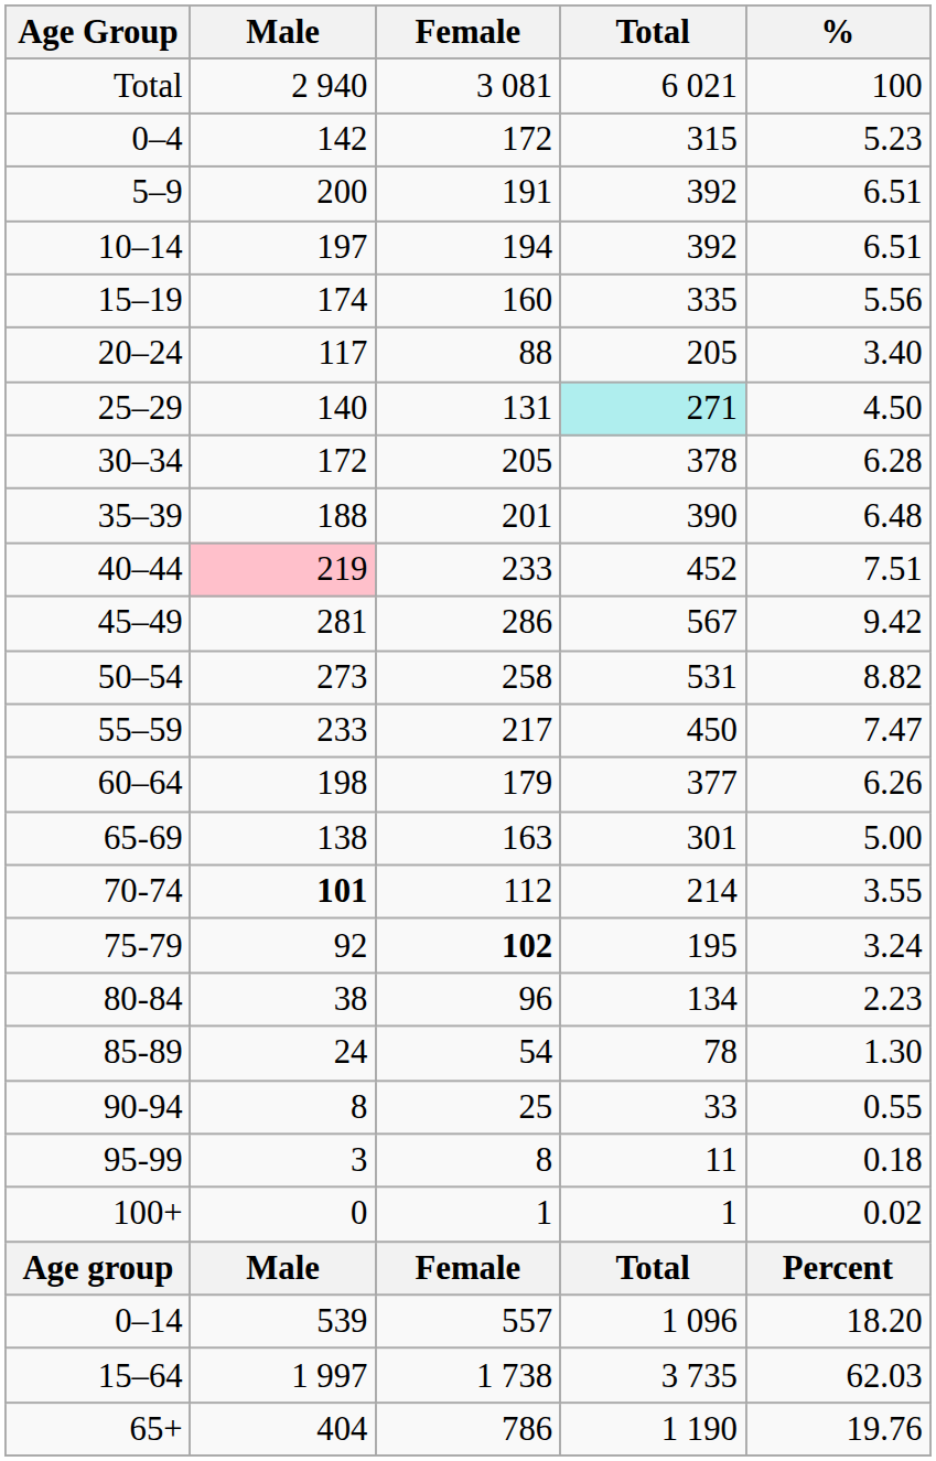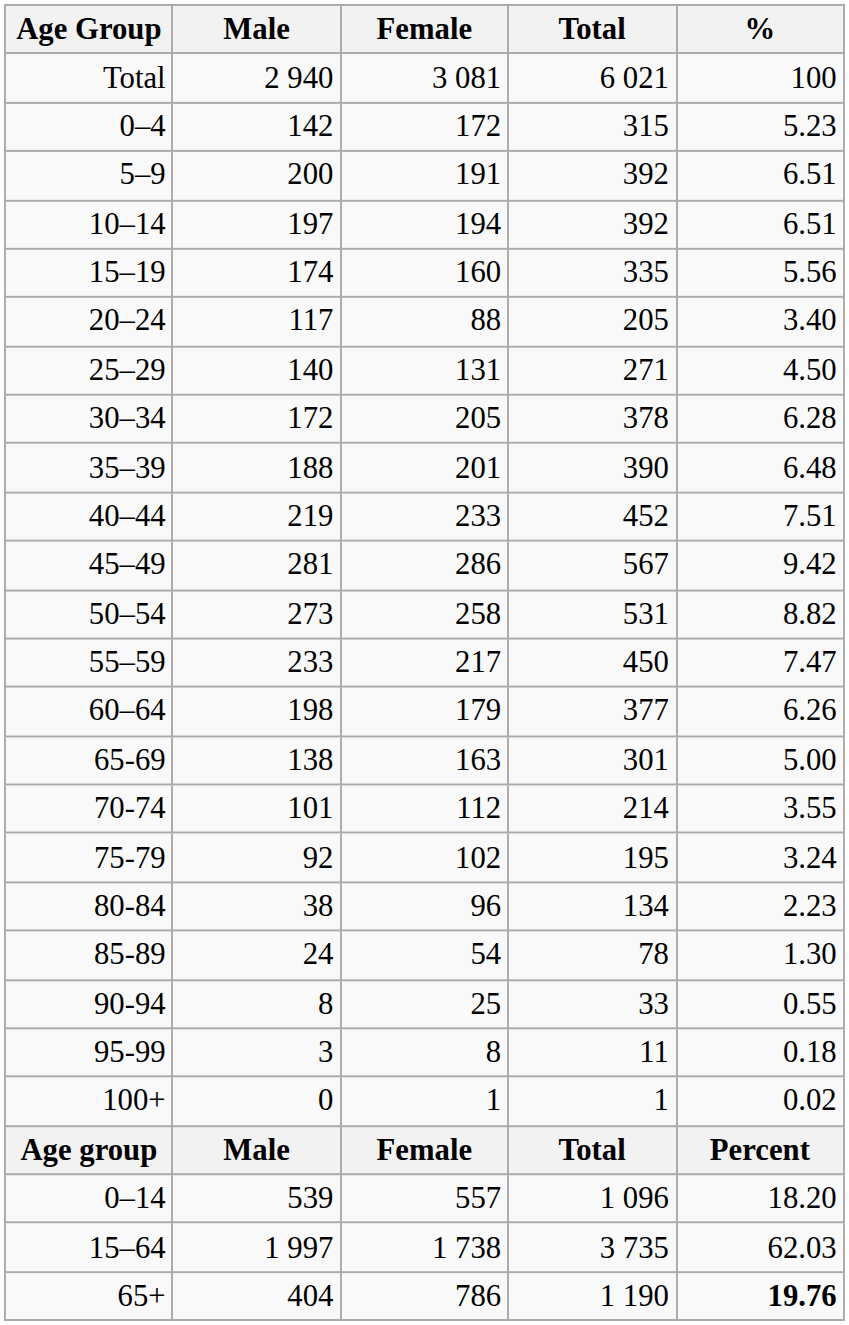 <table class="wikitable">
 <tr>
 <th width="80pt">Age Group</th>
 <th width="80pt">Male</th>
 <th width="80pt">Female</th>
 <th width="80pt">Total</th>
 <th width="80pt">%</th>
 </tr>
 <tr>
 <td align="right">Total</td>
 <td align="right">2 940</td>
 <td align="right">3 081</td>
 <td align="right">6 021</td>
 <td align="right">100</td>
 </tr>
 <tr>
 <td align="right">0–4</td>
 <td align="right">142</td>
 <td align="right">172</td>
 <td align="right">315</td>
 <td align="right">5.23</td>
 </tr>
 <tr>
 <td align="right">5–9</td>
 <td align="right">200</td>
 <td align="right">191</td>
 <td align="right">392</td>
 <td align="right">6.51</td>
 </tr>
 <tr>
 <td align="right">10–14</td>
 <td align="right">197</td>
 <td align="right">194</td>
 <td align="right">392</td>
 <td align="right">6.51</td>
 </tr>
 <tr>
 <td align="right">15–19</td>
 <td align="right">174</td>
 <td align="right">160</td>
 <td align="right">335</td>
 <td align="right">5.56</td>
 </tr>
 <tr>
 <td align="right">20–24</td>
 <td align="right">117</td>
 <td align="right">88</td>
 <td align="right">205</td>
 <td align="right">3.40</td>
 </tr>
 <tr>
 <td align="right">25–29</td>
 <td align="right">140</td>
 <td align="right">131</td>
-<td align="right" style="background: paleturquoise;">271</td>
+<td align="right">271</td>
 <td align="right">4.50</td>
 </tr>
 <tr>
 <td align="right">30–34</td>
 <td align="right">172</td>
 <td align="right">205</td>
 <td align="right">378</td>
 <td align="right">6.28</td>
 </tr>
 <tr>
 <td align="right">35–39</td>
 <td align="right">188</td>
 <td align="right">201</td>
 <td align="right">390</td>
 <td align="right">6.48</td>
 </tr>
 <tr>
 <td align="right">40–44</td>
-<td align="right" style="background: pink;">219</td>
+<td align="right">219</td>
 <td align="right">233</td>
 <td align="right">452</td>
 <td align="right">7.51</td>
 </tr>
 <tr>
 <td align="right">45–49</td>
 <td align="right">281</td>
 <td align="right">286</td>
 <td align="right">567</td>
 <td align="right">9.42</td>
 </tr>
 <tr>
 <td align="right">50–54</td>
 <td align="right">273</td>
 <td align="right">258</td>
 <td align="right">531</td>
 <td align="right">8.82</td>
 </tr>
 <tr>
 <td align="right">55–59</td>
 <td align="right">233</td>
 <td align="right">217</td>
 <td align="right">450</td>
 <td align="right">7.47</td>
 </tr>
 <tr>
 <td align="right">60–64</td>
 <td align="right">198</td>
 <td align="right">179</td>
 <td align="right">377</td>
 <td align="right">6.26</td>
 </tr>
 <tr>
 <td align="right">65-69</td>
 <td align="right">138</td>
 <td align="right">163</td>
 <td align="right">301</td>
 <td align="right">5.00</td>
 </tr>
 <tr>
 <td align="right">70-74</td>
-<td align="right"><strong>101</strong></td>
+<td align="right">101</td>
 <td align="right">112</td>
 <td align="right">214</td>
 <td align="right">3.55</td>
 </tr>
 <tr>
 <td align="right">75-79</td>
 <td align="right">92</td>
-<td align="right"><strong>102</strong></td>
+<td align="right">102</td>
 <td align="right">195</td>
 <td align="right">3.24</td>
 </tr>
 <tr>
 <td align="right">80-84</td>
 <td align="right">38</td>
 <td align="right">96</td>
 <td align="right">134</td>
 <td align="right">2.23</td>
 </tr>
 <tr>
 <td align="right">85-89</td>
 <td align="right">24</td>
 <td align="right">54</td>
 <td align="right">78</td>
 <td align="right">1.30</td>
 </tr>
 <tr>
 <td align="right">90-94</td>
 <td align="right">8</td>
 <td align="right">25</td>
 <td align="right">33</td>
 <td align="right">0.55</td>
 </tr>
 <tr>
 <td align="right">95-99</td>
 <td align="right">3</td>
 <td align="right">8</td>
 <td align="right">11</td>
 <td align="right">0.18</td>
 </tr>
 <tr>
 <td align="right">100+</td>
 <td align="right">0</td>
 <td align="right">1</td>
 <td align="right">1</td>
 <td align="right">0.02</td>
 </tr>
 <tr>
 <th width="50">Age group</th>
 <th width="80pt">Male</th>
 <th width="80">Female</th>
 <th width="80">Total</th>
 <th width="50">Percent</th>
 </tr>
 <tr>
 <td align="right">0–14</td>
 <td align="right">539</td>
 <td align="right">557</td>
 <td align="right">1 096</td>
 <td align="right">18.20</td>
 </tr>
 <tr>
 <td align="right">15–64</td>
 <td align="right">1 997</td>
 <td align="right">1 738</td>
 <td align="right">3 735</td>
 <td align="right">62.03</td>
 </tr>
 <tr>
 <td align="right">65+</td>
 <td align="right">404</td>
 <td align="right">786</td>
 <td align="right">1 190</td>
-<td align="right">19.76</td>
+<td align="right"><strong>19.76</strong></td>
 </tr>
 <tr>
 </tr>
 </table>
